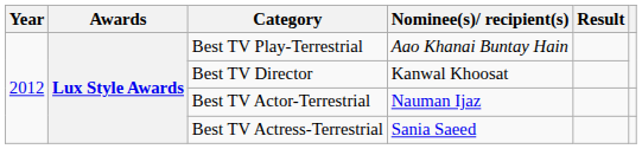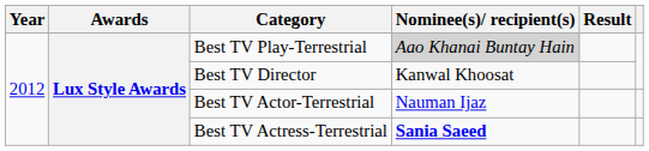 <table class="wikitable plainrowheaders">
 <tr>
 <th>Year</th>
 <th>Awards</th>
 <th>Category</th>
 <th>Nominee(s)/ recipient(s)</th>
 <th>Result</th>
 <th></th>
 </tr>
 <tr>
 <td rowspan="4"><a href='#'>2012</a></td>
 <th scope="row" rowspan="4"><a href='#'>Lux Style Awards</a></th>
 <td>Best TV Play-Terrestrial</td>
-<td><em>Aao Khanai Buntay Hain</em></td>
+<td style="background: lightgrey;"><em>Aao Khanai Buntay Hain</em></td>
 <td></td>
 <td rowspan="2"></td>
 </tr>
 <tr>
 <td>Best TV Director</td>
 <td>Kanwal Khoosat</td>
 <td></td>
 </tr>
 <tr>
 <td>Best TV Actor-Terrestrial</td>
 <td><a href='#'>Nauman Ijaz</a></td>
 <td></td>
 <td></td>
 </tr>
 <tr>
 <td>Best TV Actress-Terrestrial</td>
-<td><a href='#'>Sania Saeed</a></td>
+<td><strong><a href='#'>Sania Saeed</a></strong></td>
 <td></td>
 <td></td>
 </tr>
 </table>
